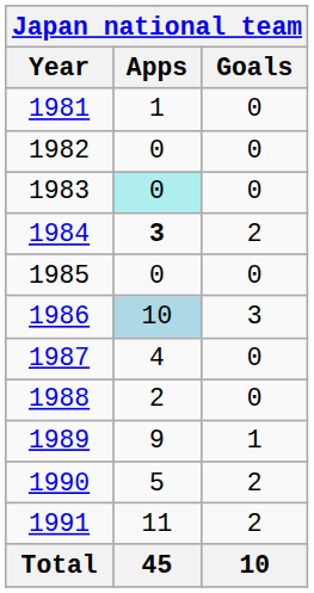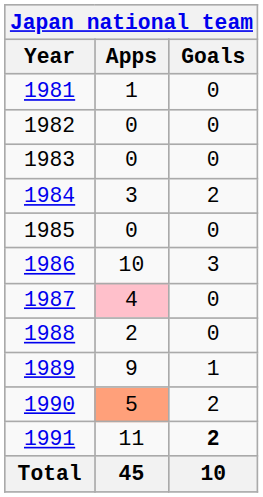 <table class="wikitable" style="text-align:center">
 <tr>
 <th colspan=3><a href='#'>Japan national team</a></th>
 </tr>
 <tr>
 <th>Year</th>
 <th>Apps</th>
 <th>Goals</th>
 </tr>
 <tr>
 <td><a href='#'>1981</a></td>
 <td>1</td>
 <td>0</td>
 </tr>
 <tr>
 <td>1982</td>
 <td>0</td>
 <td>0</td>
 </tr>
 <tr>
 <td>1983</td>
-<td style="background: paleturquoise;">0</td>
+<td>0</td>
 <td>0</td>
 </tr>
 <tr>
 <td><a href='#'>1984</a></td>
-<td><strong>3</strong></td>
+<td>3</td>
 <td>2</td>
 </tr>
 <tr>
 <td>1985</td>
 <td>0</td>
 <td>0</td>
 </tr>
 <tr>
 <td><a href='#'>1986</a></td>
-<td style="background: lightblue;">10</td>
+<td>10</td>
 <td>3</td>
 </tr>
 <tr>
 <td><a href='#'>1987</a></td>
-<td>4</td>
+<td style="background: pink;">4</td>
 <td>0</td>
 </tr>
 <tr>
 <td><a href='#'>1988</a></td>
 <td>2</td>
 <td>0</td>
 </tr>
 <tr>
 <td><a href='#'>1989</a></td>
 <td>9</td>
 <td>1</td>
 </tr>
 <tr>
 <td><a href='#'>1990</a></td>
-<td>5</td>
+<td style="background: lightsalmon;">5</td>
 <td>2</td>
 </tr>
 <tr>
 <td><a href='#'>1991</a></td>
 <td>11</td>
-<td>2</td>
+<td><strong>2</strong></td>
 </tr>
 <tr>
 <th>Total</th>
 <th>45</th>
 <th>10</th>
 </tr>
 </table>
